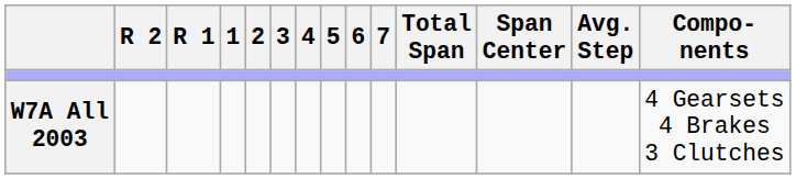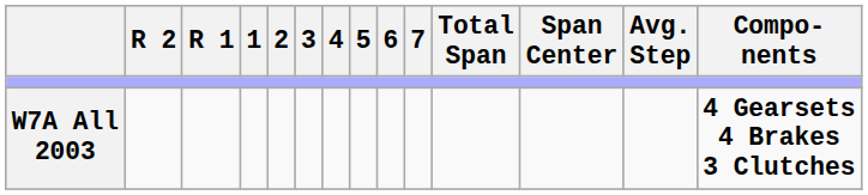 <table class="wikitable collapsible" style="text-align:center">
 <tr>
 <th></th>
 <th>R 2</th>
 <th>R 1</th>
 <th>1</th>
 <th>2</th>
 <th>3</th>
 <th>4</th>
 <th>5</th>
 <th>6</th>
 <th>7</th>
 <th>Total<br>Span</th>
 <th>Span<br>Center</th>
 <th>Avg.<br>Step</th>
 <th>Compo-<br>nents</th>
 </tr>
 <tr>
 <td colspan=14 style="background:#AAF;"></td>
 </tr>
 <tr>
 <th>W7A All<br>2003</th>
 <td></td>
 <td></td>
 <td></td>
 <td></td>
 <td></td>
 <td></td>
 <td></td>
 <td></td>
 <td></td>
 <td></td>
 <td></td>
 <td></td>
-<td>4 Gearsets<br>4 Brakes<br>3 Clutches</td>
+<td><strong>4 Gearsets<br>4 Brakes<br>3 Clutches</strong></td>
 </tr>
 </table>
